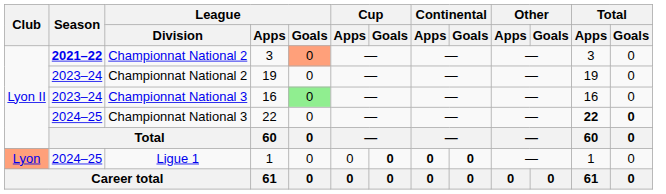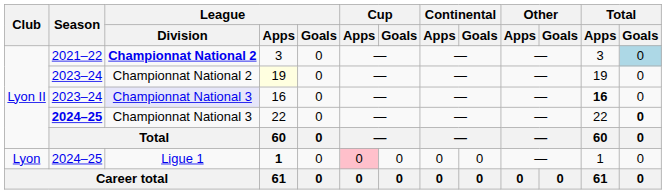 <table class="wikitable" style="text-align:center">
 <tr>
 <th rowspan="2">Club</th>
 <th rowspan="2">Season</th>
 <th colspan="3">League</th>
 <th colspan="2">Cup</th>
 <th colspan="2">Continental</th>
 <th colspan="2">Other</th>
 <th colspan="2">Total</th>
 </tr>
 <tr>
 <th>Division</th>
 <th>Apps</th>
 <th>Goals</th>
 <th>Apps</th>
 <th>Goals</th>
 <th>Apps</th>
 <th>Goals</th>
 <th>Apps</th>
 <th>Goals</th>
 <th>Apps</th>
 <th>Goals</th>
 </tr>
 <tr>
 <td rowspan="5"><a href='#'>Lyon II</a></td>
-<td><strong><a href='#'>2021–22</a></strong></td>
-<td><a href='#'>Championnat National 2</a></td>
+<td><a href='#'>2021–22</a></td>
+<td><strong><a href='#'>Championnat National 2</a></strong></td>
 <td>3</td>
-<td style="background: lightsalmon;">0</td>
+<td>0</td>
 <td colspan="2">—</td>
 <td colspan="2">—</td>
 <td colspan="2">—</td>
 <td>3</td>
-<td>0</td>
+<td style="background: lightblue;">0</td>
 </tr>
 <tr>
 <td><a href='#'>2023–24</a></td>
 <td>Championnat National 2</td>
-<td>19</td>
+<td style="background: lightyellow;">19</td>
 <td>0</td>
 <td colspan="2">—</td>
 <td colspan="2">—</td>
 <td colspan="2">—</td>
 <td>19</td>
 <td>0</td>
 </tr>
 <tr>
 <td><a href='#'>2023–24</a></td>
-<td><a href='#'>Championnat National 3</a></td>
+<td style="background: lavender;"><a href='#'>Championnat National 3</a></td>
 <td>16</td>
-<td style="background: lightgreen;">0</td>
+<td>0</td>
 <td colspan="2">—</td>
 <td colspan="2">—</td>
 <td colspan="2">—</td>
-<td>16</td>
+<td><strong>16</strong></td>
 <td>0</td>
 </tr>
 <tr>
-<td><a href='#'>2024–25</a></td>
+<td><strong><a href='#'>2024–25</a></strong></td>
 <td>Championnat National 3</td>
 <td>22</td>
 <td>0</td>
 <td colspan="2">—</td>
 <td colspan="2">—</td>
 <td colspan="2">—</td>
-<td><strong>22</strong></td>
+<td>22</td>
 <td><strong>0</strong></td>
 </tr>
 <tr>
 <th colspan="2">Total</th>
 <th>60</th>
 <th>0</th>
 <th colspan="2">—</th>
 <th colspan="2">—</th>
 <th colspan="2">—</th>
 <th>60</th>
 <th>0</th>
 </tr>
 <tr>
-<td style="background: lightsalmon;"><a href='#'>Lyon</a></td>
+<td><a href='#'>Lyon</a></td>
 <td><a href='#'>2024–25</a></td>
 <td><a href='#'>Ligue 1</a></td>
-<td>1</td>
+<td><strong>1</strong></td>
+<td>0</td>
+<td style="background: pink;">0</td>
 <td>0</td>
 <td>0</td>
-<td><strong>0</strong></td>
-<td><strong>0</strong></td>
-<td><strong>0</strong></td>
+<td>0</td>
 <td colspan="2">—</td>
 <td>1</td>
 <td>0</td>
 </tr>
 <tr>
 <th colspan="3">Career total</th>
 <th>61</th>
 <th>0</th>
 <th>0</th>
 <th>0</th>
 <th>0</th>
 <th>0</th>
 <th>0</th>
 <th>0</th>
 <th>61</th>
 <th>0</th>
 </tr>
 </table>
